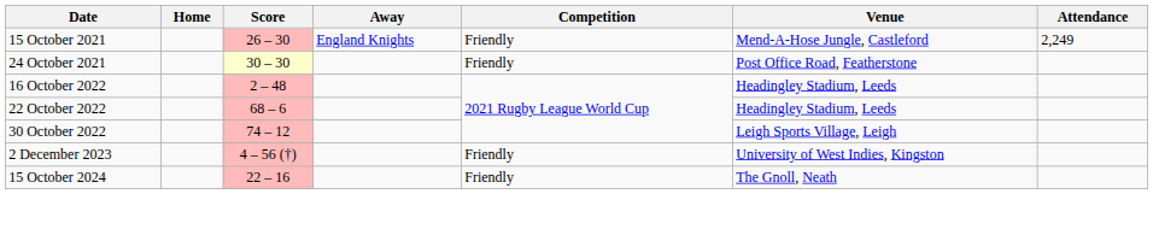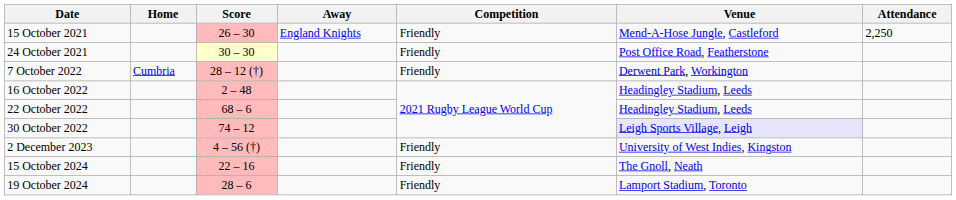 <table class="wikitable" width="100%">
 <tr>
 <th>Date</th>
 <th>Home</th>
 <th>Score</th>
 <th>Away</th>
 <th>Competition</th>
 <th>Venue</th>
 <th>Attendance</th>
 </tr>
 <tr>
 <td>15 October 2021</td>
 <td></td>
 <td style="text-align: center; background: #FFBBBB;">26 – 30</td>
 <td> <a href='#'>England Knights</a></td>
 <td>Friendly</td>
 <td> <a href='#'>Mend-A-Hose Jungle</a>, <a href='#'>Castleford</a></td>
-<td>2,249</td>
+<td>2,250</td>
 </tr>
 <tr>
 <td>24 October 2021</td>
 <td></td>
 <td style="text-align: center; background: #FFFFCC;">30 – 30</td>
 <td></td>
 <td>Friendly</td>
 <td> <a href='#'>Post Office Road</a>, <a href='#'>Featherstone</a></td>
+<td></td>
+</tr>
+<tr>
+<td>7 October 2022</td>
+<td> <a href='#'>Cumbria</a></td>
+<td style="text-align: center; background: #FFBBBB;">28 – 12 (†)</td>
+<td></td>
+<td>Friendly</td>
+<td> <a href='#'>Derwent Park</a>, <a href='#'>Workington</a></td>
 <td></td>
 </tr>
 <tr>
 <td>16 October 2022</td>
 <td></td>
 <td style="text-align: center; background: #FFBBBB;">2 – 48</td>
 <td></td>
 <td rowspan="3"><a href='#'>2021 Rugby League World Cup</a></td>
 <td> <a href='#'>Headingley Stadium</a>, <a href='#'>Leeds</a></td>
 <td></td>
 </tr>
 <tr>
 <td>22 October 2022</td>
 <td></td>
 <td style="text-align: center; background: #FFBBBB;">68 – 6</td>
 <td></td>
 <td> <a href='#'>Headingley Stadium</a>, <a href='#'>Leeds</a></td>
 <td></td>
 </tr>
 <tr>
 <td>30 October 2022</td>
 <td></td>
 <td style="text-align: center; background: #FFBBBB;">74 – 12</td>
 <td></td>
-<td> <a href='#'>Leigh Sports Village</a>, <a href='#'>Leigh</a></td>
+<td style="background: lavender;"> <a href='#'>Leigh Sports Village</a>, <a href='#'>Leigh</a></td>
 <td></td>
 </tr>
 <tr>
 <td>2 December 2023</td>
 <td></td>
 <td style="text-align: center ; background: #FFBBBB;">4 – 56 (†)</td>
 <td></td>
 <td>Friendly</td>
 <td> <a href='#'>University of West Indies</a>, <a href='#'>Kingston</a></td>
 <td></td>
 </tr>
 <tr>
 <td>15 October 2024</td>
 <td></td>
 <td style="text-align: center; background: #FFBBBB;">22 – 16</td>
 <td></td>
 <td>Friendly</td>
 <td> <a href='#'>The Gnoll</a>, <a href='#'>Neath</a></td>
 <td></td>
 </tr>
+<tr>
+<td>19 October 2024</td>
+<td></td>
+<td style="text-align: center; background: #FFBBBB;">28 – 6</td>
+<td></td>
+<td>Friendly</td>
+<td> <a href='#'>Lamport Stadium</a>, <a href='#'>Toronto</a></td>
+<td></td>
+</tr>
 </table>
